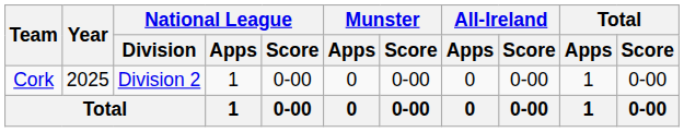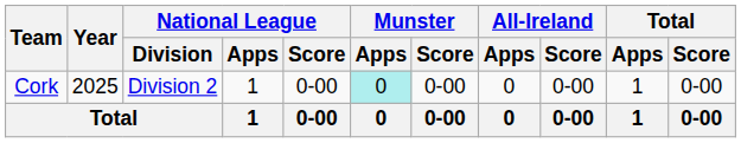 <table class="wikitable" style="text-align:center">
 <tr>
 <th rowspan="2">Team</th>
 <th rowspan="2">Year</th>
 <th colspan="3"><a href='#'>National League</a></th>
 <th colspan="2"><a href='#'>Munster</a></th>
 <th colspan="2"><a href='#'>All-Ireland</a></th>
 <th colspan="2">Total</th>
 </tr>
 <tr>
 <th>Division</th>
 <th>Apps</th>
 <th>Score</th>
 <th>Apps</th>
 <th>Score</th>
 <th>Apps</th>
 <th>Score</th>
 <th>Apps</th>
 <th>Score</th>
 </tr>
 <tr>
 <td rowspan="1"><a href='#'>Cork</a></td>
 <td>2025</td>
 <td rowspan="1"><a href='#'>Division 2</a></td>
 <td>1</td>
 <td>0-00</td>
-<td>0</td>
+<td style="background: paleturquoise;">0</td>
 <td>0-00</td>
 <td>0</td>
 <td>0-00</td>
 <td>1</td>
 <td>0-00</td>
 </tr>
 <tr>
 <th colspan="3">Total</th>
 <th>1</th>
 <th>0-00</th>
 <th>0</th>
 <th>0-00</th>
 <th>0</th>
 <th>0-00</th>
 <th>1</th>
 <th>0-00</th>
 </tr>
 </table>
